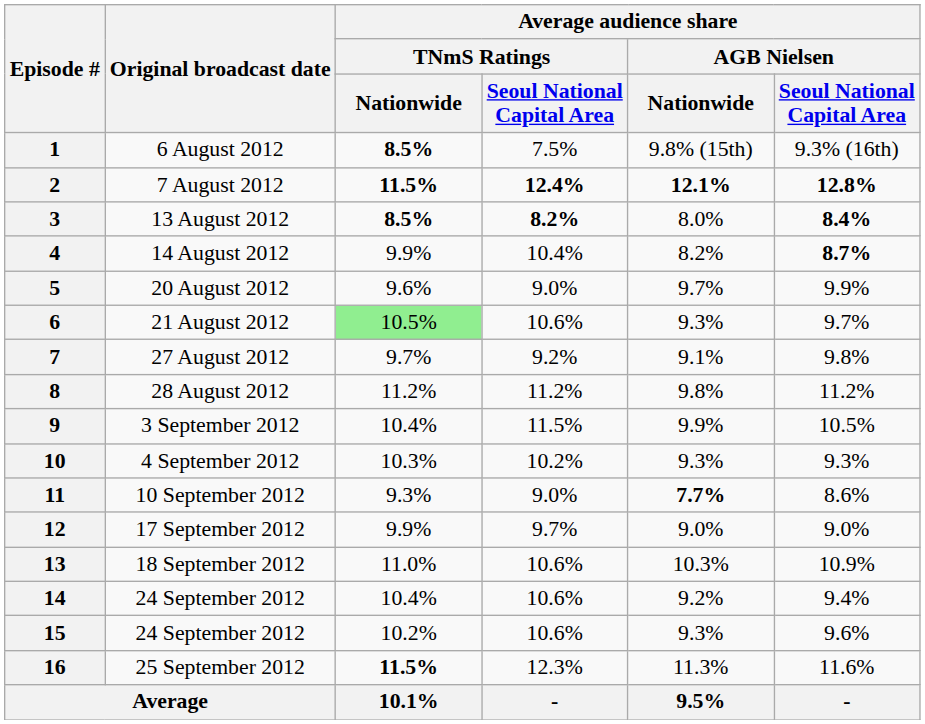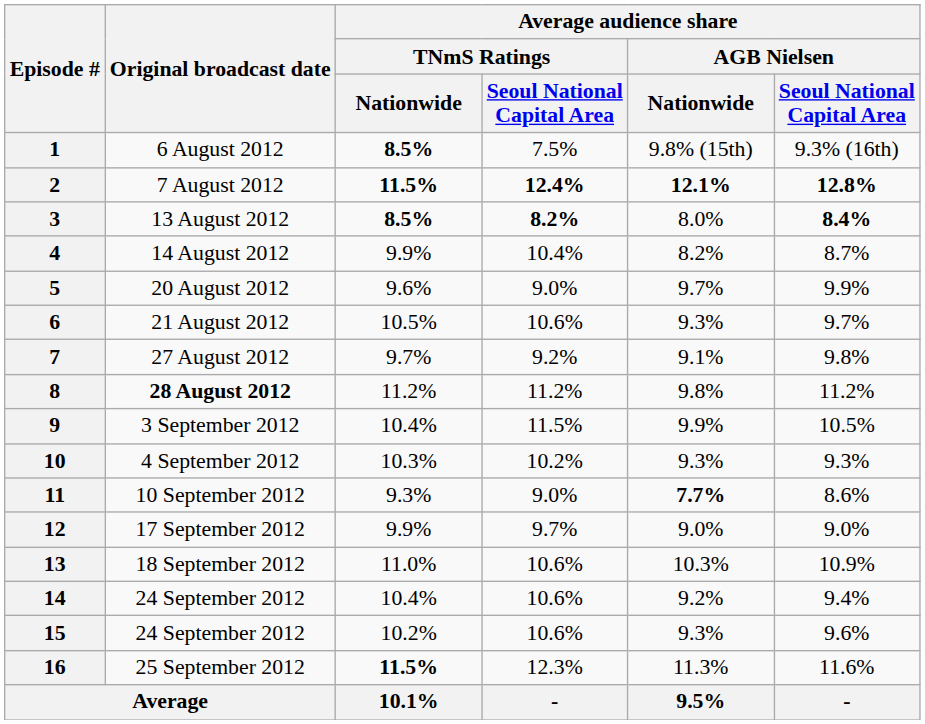 <table class=wikitable style="text-align:center">
 <tr>
 <th rowspan="3">Episode #</th>
 <th rowspan="3">Original broadcast date</th>
 <th colspan="4">Average audience share</th>
 </tr>
 <tr>
 <th colspan="2">TNmS Ratings</th>
 <th colspan="2">AGB Nielsen</th>
 </tr>
 <tr>
 <th width=100>Nationwide</th>
 <th width=100><a href='#'>Seoul National Capital Area</a></th>
 <th width=100>Nationwide</th>
 <th width=100><a href='#'>Seoul National Capital Area</a></th>
 </tr>
 <tr>
 <th>1</th>
 <td>6 August 2012</td>
 <td><span><strong>8.5%</strong></span></td>
 <td>7.5%</td>
 <td>9.8% (15th)</td>
 <td>9.3% (16th)</td>
 </tr>
 <tr>
 <th>2</th>
 <td>7 August 2012</td>
 <td><span><strong>11.5%</strong></span></td>
 <td><span><strong>12.4%</strong></span></td>
 <td><span><strong>12.1%</strong></span></td>
 <td><span><strong>12.8%</strong></span></td>
 </tr>
 <tr>
 <th>3</th>
 <td>13 August 2012</td>
 <td><span><strong>8.5%</strong></span></td>
 <td><span><strong>8.2%</strong></span></td>
 <td>8.0%</td>
 <td><span><strong>8.4%</strong></span></td>
 </tr>
 <tr>
 <th>4</th>
 <td>14 August 2012</td>
 <td>9.9%</td>
 <td>10.4%</td>
 <td>8.2%</td>
-<td><strong>8.7%</strong></td>
+<td>8.7%</td>
 </tr>
 <tr>
 <th>5</th>
 <td>20 August 2012</td>
 <td>9.6%</td>
 <td>9.0%</td>
 <td>9.7%</td>
 <td>9.9%</td>
 </tr>
 <tr>
 <th>6</th>
 <td>21 August 2012</td>
-<td style="background: lightgreen;">10.5%</td>
+<td>10.5%</td>
 <td>10.6%</td>
 <td>9.3%</td>
 <td>9.7%</td>
 </tr>
 <tr>
 <th>7</th>
 <td>27 August 2012</td>
 <td>9.7%</td>
 <td>9.2%</td>
 <td>9.1%</td>
 <td>9.8%</td>
 </tr>
 <tr>
 <th>8</th>
-<td>28 August 2012</td>
+<td><strong>28 August 2012</strong></td>
 <td>11.2%</td>
 <td>11.2%</td>
 <td>9.8%</td>
 <td>11.2%</td>
 </tr>
 <tr>
 <th>9</th>
 <td>3 September 2012</td>
 <td>10.4%</td>
 <td>11.5%</td>
 <td>9.9%</td>
 <td>10.5%</td>
 </tr>
 <tr>
 <th>10</th>
 <td>4 September 2012</td>
 <td>10.3%</td>
 <td>10.2%</td>
 <td>9.3%</td>
 <td>9.3%</td>
 </tr>
 <tr>
 <th>11</th>
 <td>10 September 2012</td>
 <td>9.3%</td>
 <td>9.0%</td>
 <td><span><strong>7.7%</strong></span></td>
 <td>8.6%</td>
 </tr>
 <tr>
 <th>12</th>
 <td>17 September 2012</td>
 <td>9.9%</td>
 <td>9.7%</td>
 <td>9.0%</td>
 <td>9.0%</td>
 </tr>
 <tr>
 <th>13</th>
 <td>18 September 2012</td>
 <td>11.0%</td>
 <td>10.6%</td>
 <td>10.3%</td>
 <td>10.9%</td>
 </tr>
 <tr>
 <th>14</th>
 <td>24 September 2012</td>
 <td>10.4%</td>
 <td>10.6%</td>
 <td>9.2%</td>
 <td>9.4%</td>
 </tr>
 <tr>
 <th>15</th>
 <td>24 September 2012</td>
 <td>10.2%</td>
 <td>10.6%</td>
 <td>9.3%</td>
 <td>9.6%</td>
 </tr>
 <tr>
 <th>16</th>
 <td>25 September 2012</td>
 <td><span><strong>11.5%</strong></span></td>
 <td>12.3%</td>
 <td>11.3%</td>
 <td>11.6%</td>
 </tr>
 <tr>
 <th colspan=2>Average</th>
 <th>10.1%</th>
 <th>-</th>
 <th>9.5%</th>
 <th>-</th>
 </tr>
 </table>
